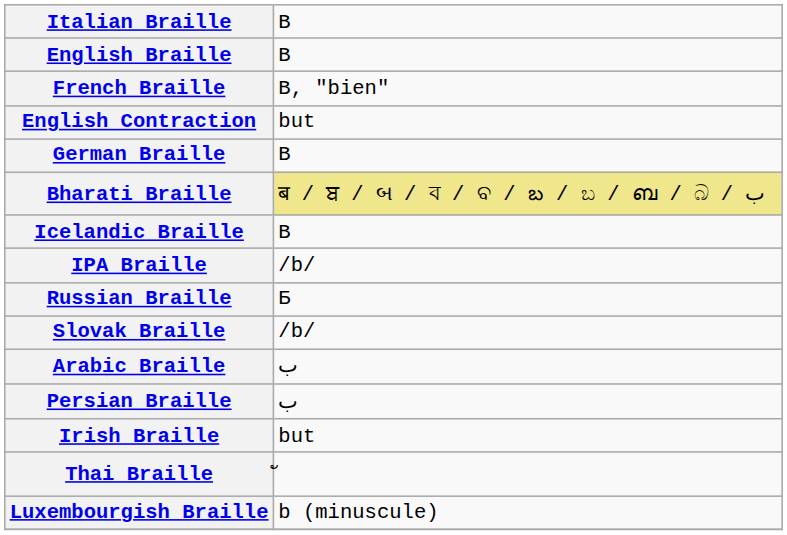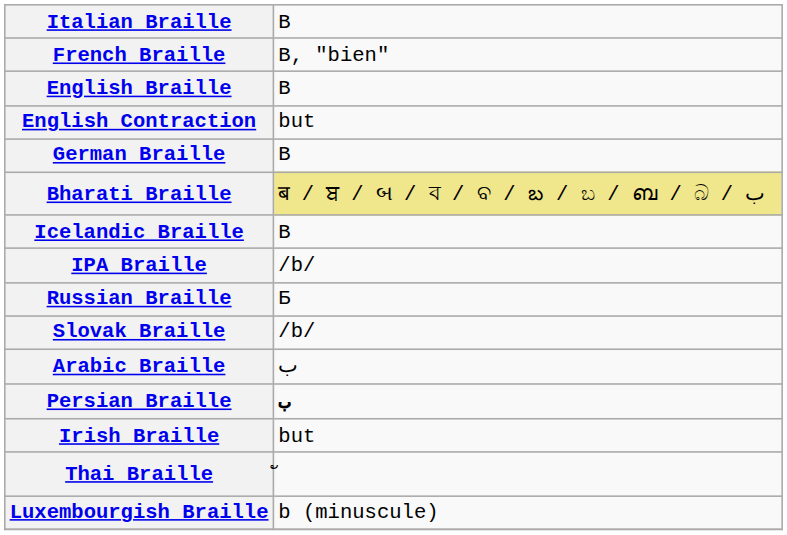 <table class="wikitable">
 <tr>
 <th align=left><a href='#'>Italian Braille</a></th>
 <td>B</td>
 </tr>
 <tr>
+<th align=left><a href='#'>French Braille</a></th>
+<td>B, "bien"</td>
+</tr>
+<tr>
 <th align=left><a href='#'>English Braille</a></th>
 <td>B</td>
-</tr>
-<tr>
-<th align=left><a href='#'>French Braille</a></th>
-<td>B, "bien"</td>
 </tr>
 <tr>
 <th align=left><a href='#'>English Contraction</a></th>
 <td>but</td>
 </tr>
 <tr>
 <th align=left><a href='#'>German Braille</a></th>
 <td>B</td>
 </tr>
 <tr>
 <th align=left><a href='#'>Bharati Braille</a></th>
 <td style="background: khaki;">ब / ਬ / બ / ব / ବ / బ / ಬ / ബ / බ / ب ‎</td>
 </tr>
 <tr>
 <th align=left><a href='#'>Icelandic Braille</a></th>
 <td>B</td>
 </tr>
 <tr>
 <th align=left><a href='#'>IPA Braille</a></th>
 <td>/b/</td>
 </tr>
 <tr>
 <th align=left><a href='#'>Russian Braille</a></th>
 <td>Б</td>
 </tr>
 <tr>
 <th align=left><a href='#'>Slovak Braille</a></th>
 <td>/b/</td>
 </tr>
 <tr>
 <th align=left><a href='#'>Arabic Braille</a></th>
 <td>ب</td>
 </tr>
 <tr>
 <th align=left><a href='#'>Persian Braille</a></th>
-<td>ب</td>
+<td><strong>ب</strong></td>
 </tr>
 <tr>
 <th align=left><a href='#'>Irish Braille</a></th>
 <td>but</td>
 </tr>
 <tr>
 <th align=left><a href='#'>Thai Braille</a></th>
 <td>ั</td>
 </tr>
 <tr>
 <th align=left><a href='#'>Luxembourgish Braille</a></th>
 <td>b (minuscule)</td>
 </tr>
 <tr>
 </tr>
 </table>
